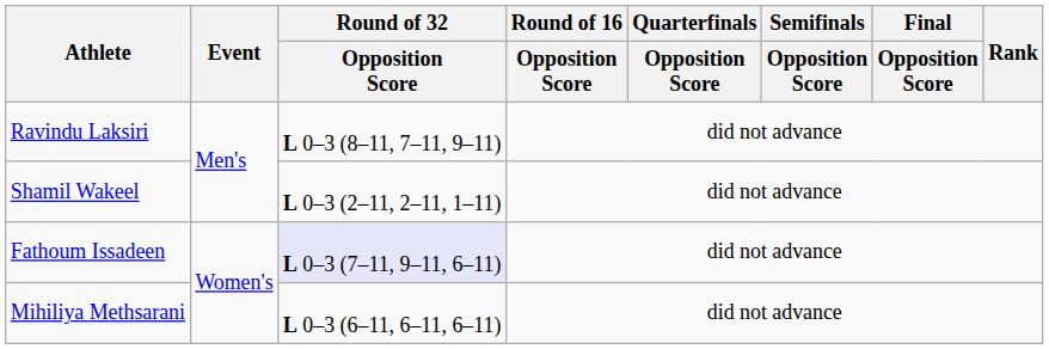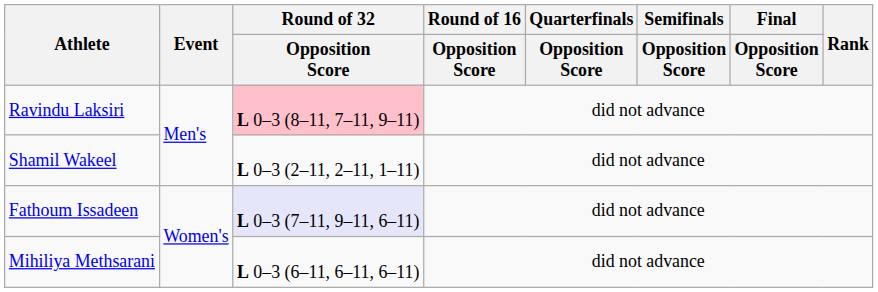 <table class=wikitable style="font-size:90%">
 <tr>
 <th rowspan="2">Athlete</th>
 <th rowspan="2">Event</th>
 <th>Round of 32</th>
 <th>Round of 16</th>
 <th>Quarterfinals</th>
 <th>Semifinals</th>
 <th>Final</th>
 <th rowspan=2>Rank</th>
 </tr>
 <tr>
 <th>Opposition<br>Score</th>
 <th>Opposition<br>Score</th>
 <th>Opposition<br>Score</th>
 <th>Opposition<br>Score</th>
 <th>Opposition<br>Score</th>
 </tr>
 <tr align=center>
 <td align=left><a href='#'>Ravindu Laksiri</a></td>
 <td align=left rowspan=2><a href='#'>Men's</a></td>
-<td><br><strong>L</strong> 0–3 (8–11, 7–11, 9–11)</td>
+<td style="background: pink;"><br><strong>L</strong> 0–3 (8–11, 7–11, 9–11)</td>
 <td colspan=5>did not advance</td>
 </tr>
 <tr align=center>
 <td align=left><a href='#'>Shamil Wakeel</a></td>
 <td><br><strong>L</strong> 0–3 (2–11, 2–11, 1–11)</td>
 <td colspan=5>did not advance</td>
 </tr>
 <tr align=center>
 <td align=left><a href='#'>Fathoum Issadeen</a></td>
 <td align=left rowspan=2><a href='#'>Women's</a></td>
 <td style="background: lavender;"><br><strong>L</strong> 0–3 (7–11, 9–11, 6–11)</td>
 <td colspan=5>did not advance</td>
 </tr>
 <tr align=center>
 <td align=left><a href='#'>Mihiliya Methsarani</a></td>
 <td><br><strong>L</strong> 0–3 (6–11, 6–11, 6–11)</td>
 <td colspan=5>did not advance</td>
 </tr>
 </table>
